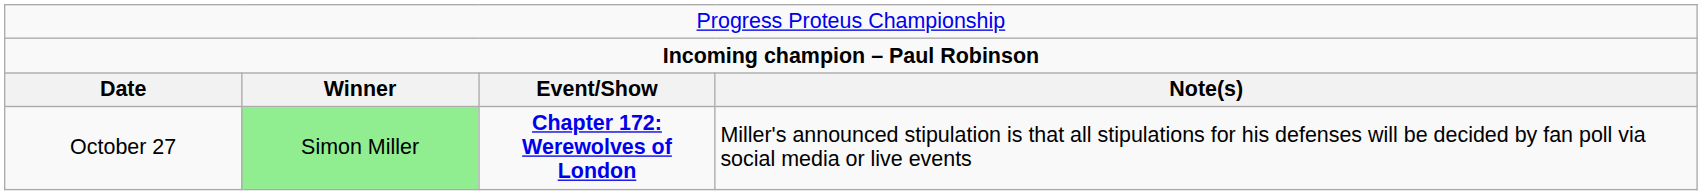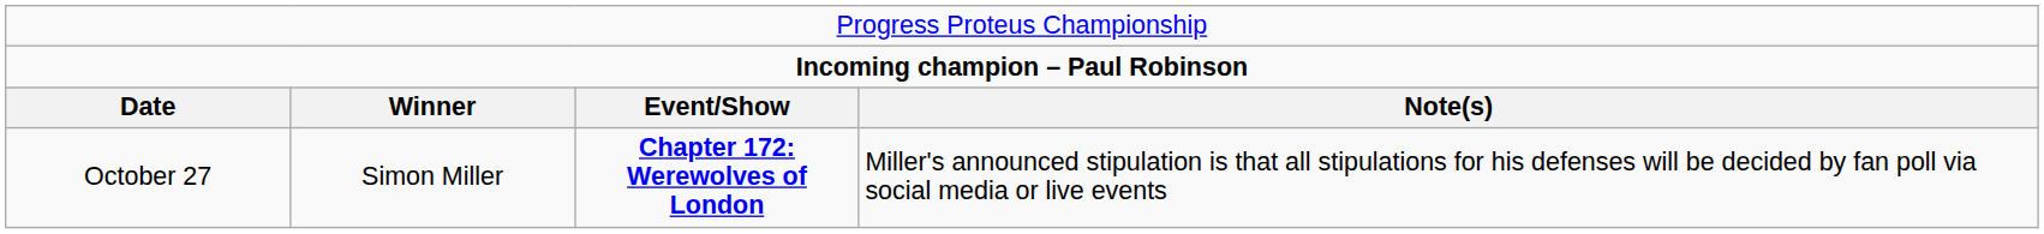 <table class="wikitable" style="text-align:center; width:100%;">
 <tr>
 <td colspan="4" style="text-align: center;"><a href='#'>Progress Proteus Championship</a></td>
 </tr>
 <tr>
 <td colspan="4" style="text-align: center;"><strong>Incoming champion – Paul Robinson</strong></td>
 </tr>
 <tr>
 <th width=14%>Date</th>
 <th width=14%>Winner</th>
 <th width=14%>Event/Show</th>
 <th width=58%>Note(s)</th>
 </tr>
 <tr>
 <td>October 27</td>
-<td style="background: lightgreen;">Simon Miller</td>
+<td>Simon Miller</td>
 <td><strong><a href='#'>Chapter 172: Werewolves of London</a></strong></td>
 <td align=left>Miller's announced stipulation is that all stipulations for his defenses will be decided by fan poll via social media or live events</td>
 </tr>
 </table>
